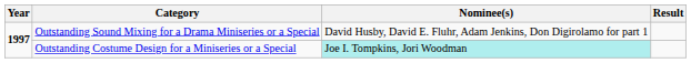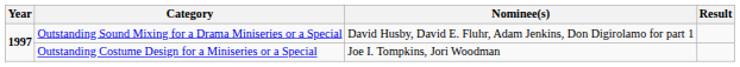 <table class="wikitable">
 <tr>
 <th>Year</th>
 <th>Category</th>
 <th>Nominee(s)</th>
 <th>Result</th>
 </tr>
 <tr>
 <td rowspan="2"><strong>1997</strong></td>
 <td><a href='#'>Outstanding Sound Mixing for a Drama Miniseries or a Special</a></td>
 <td>David Husby, David E. Fluhr, Adam Jenkins, Don Digirolamo for part 1</td>
 <td></td>
 </tr>
 <tr>
 <td><a href='#'>Outstanding Costume Design for a Miniseries or a Special</a></td>
-<td style="background: paleturquoise;">Joe I. Tompkins, Jori Woodman</td>
+<td>Joe I. Tompkins, Jori Woodman</td>
 <td></td>
 </tr>
 </table>
